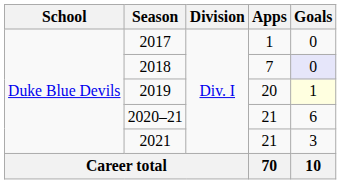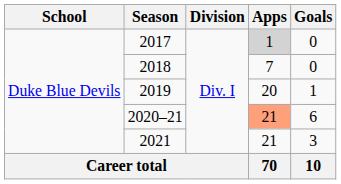 <table class="wikitable" style="text-align: center;">
 <tr>
 <th>School</th>
 <th>Season</th>
 <th>Division</th>
 <th>Apps</th>
 <th>Goals</th>
 </tr>
 <tr>
 <td rowspan="5"><a href='#'>Duke Blue Devils</a></td>
 <td>2017</td>
 <td rowspan="5"><a href='#'>Div. I</a></td>
-<td>1</td>
+<td style="background: lightgrey;">1</td>
 <td>0</td>
 </tr>
 <tr>
 <td>2018</td>
 <td>7</td>
-<td style="background: lavender;">0</td>
+<td>0</td>
 </tr>
 <tr>
 <td>2019</td>
 <td>20</td>
-<td style="background: lightyellow;">1</td>
+<td>1</td>
 </tr>
 <tr>
 <td>2020–21</td>
-<td>21</td>
+<td style="background: lightsalmon;">21</td>
 <td>6</td>
 </tr>
 <tr>
 <td>2021</td>
 <td>21</td>
 <td>3</td>
 </tr>
 <tr>
 <th colspan="3">Career total</th>
 <th>70</th>
 <th>10</th>
 </tr>
 </table>
